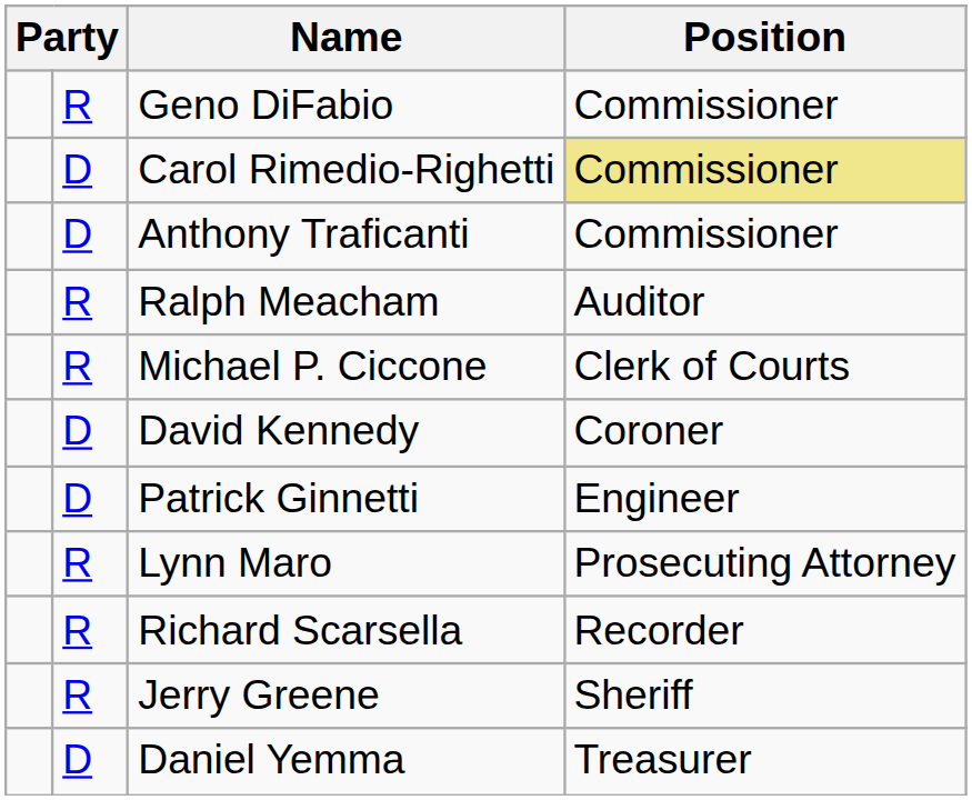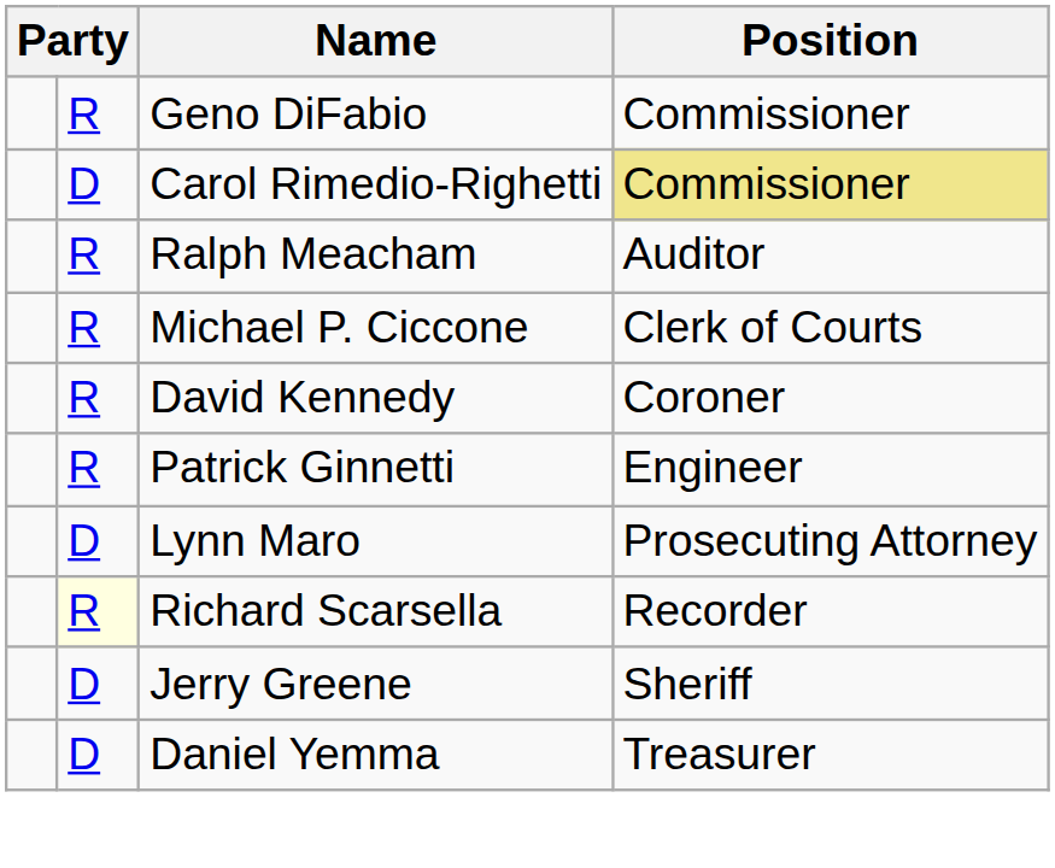 <table class=wikitable>
 <tr>
 <th colspan="2" style="text-align:center; vertical-align:bottom;">Party</th>
 <th style="text-align:center;">Name</th>
 <th valign=bottom>Position</th>
 </tr>
 <tr>
 <td style="background-color:"> </td>
 <td><a href='#'>R</a></td>
 <td>Geno DiFabio</td>
 <td>Commissioner</td>
 </tr>
 <tr>
 <td style="background-color:"> </td>
 <td><a href='#'>D</a></td>
 <td>Carol Rimedio-Righetti</td>
 <td style="background: khaki;">Commissioner</td>
 </tr>
 <tr>
 <td style="background-color:"> </td>
-<td><a href='#'>D</a></td>
-<td>Anthony Traficanti</td>
-<td>Commissioner</td>
-</tr>
-<tr>
-<td style="background-color:"> </td>
 <td><a href='#'>R</a></td>
 <td>Ralph Meacham</td>
 <td>Auditor</td>
 </tr>
 <tr>
 <td style="background-color:"> </td>
 <td><a href='#'>R</a></td>
 <td>Michael P. Ciccone</td>
 <td>Clerk of Courts</td>
 </tr>
 <tr>
 <td style="background-color:"> </td>
-<td><a href='#'>D</a></td>
+<td><a href='#'>R</a></td>
 <td>David Kennedy</td>
 <td>Coroner</td>
 </tr>
 <tr>
 <td style="background-color:"> </td>
-<td><a href='#'>D</a></td>
+<td><a href='#'>R</a></td>
 <td>Patrick Ginnetti</td>
 <td>Engineer</td>
 </tr>
 <tr>
 <td style="background-color:"> </td>
-<td><a href='#'>R</a></td>
+<td><a href='#'>D</a></td>
 <td>Lynn Maro</td>
 <td>Prosecuting Attorney</td>
 </tr>
 <tr>
 <td style="background-color:"> </td>
-<td><a href='#'>R</a></td>
+<td style="background: lightyellow;"><a href='#'>R</a></td>
 <td>Richard Scarsella</td>
 <td>Recorder</td>
 </tr>
 <tr>
 <td style="background-color:"> </td>
-<td><a href='#'>R</a></td>
+<td><a href='#'>D</a></td>
 <td>Jerry Greene</td>
 <td>Sheriff</td>
 </tr>
 <tr>
 <td style="background-color:"> </td>
 <td><a href='#'>D</a></td>
 <td>Daniel Yemma</td>
 <td>Treasurer</td>
 </tr>
 </table>
